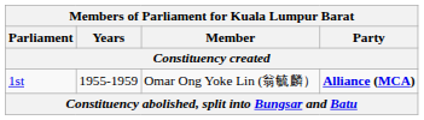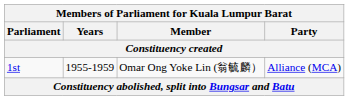 <table class="wikitable">
 <tr>
 <th colspan="4">Members of Parliament for Kuala Lumpur Barat</th>
 </tr>
 <tr>
 <th>Parliament</th>
 <th>Years</th>
 <th>Member</th>
 <th>Party</th>
 </tr>
 <tr>
 <th colspan="4"><em>Constituency created</em></th>
 </tr>
 <tr>
 <td><a href='#'>1st</a></td>
 <td>1955-1959</td>
 <td>Omar Ong Yoke Lin (翁毓麟）</td>
-<td><strong><a href='#'>Alliance</a> (<a href='#'>MCA</a>)</strong></td>
+<td><a href='#'>Alliance</a> (<a href='#'>MCA</a>)</td>
 </tr>
 <tr>
 <th colspan="4"><em>Constituency abolished, split into <a href='#'>Bungsar</a> and <a href='#'>Batu</a></em></th>
 </tr>
 </table>
